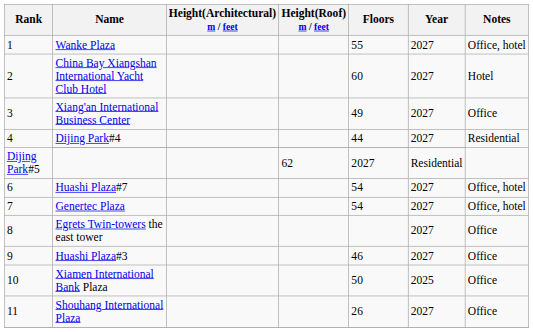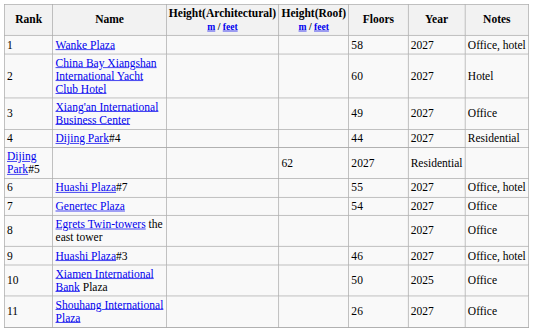 <table Class = "wikitable sortable">
 <tr>
 <th Width = "60px">Rank</th>
 <th Width = "150px">Name</th>
 <th width="75px">Height(Architectural)<br><small><a href='#'>m</a> / <a href='#'>feet</a></small></th>
 <th width="75px">Height(Roof)<br><small><a href='#'>m</a> / <a href='#'>feet</a></small></th>
 <th Width = "75px">Floors</th>
 <th Width = "60px">Year</th>
 <th Class = "unsortable">Notes</th>
 </tr>
 <tr>
 <td>1</td>
 <td><a href='#'>Wanke Plaza</a></td>
 <td></td>
 <td></td>
-<td>55</td>
+<td>58</td>
 <td>2027</td>
 <td>Office, hotel</td>
 </tr>
 <tr>
 <td>2</td>
 <td><a href='#'>China Bay Xiangshan International Yacht Club Hotel</a></td>
 <td></td>
 <td></td>
 <td>60</td>
 <td>2027</td>
 <td>Hotel</td>
 </tr>
 <tr>
 <td>3</td>
 <td><a href='#'>Xiang'an International Business Center</a></td>
 <td></td>
 <td></td>
 <td>49</td>
 <td>2027</td>
 <td>Office</td>
 </tr>
 <tr>
 <td rowspan="2">4</td>
 <td><a href='#'>Dijing Park</a>#4</td>
 <td></td>
 <td></td>
 <td>44</td>
 <td>2027</td>
 <td>Residential</td>
 </tr>
 <tr>
 </tr>
 <tr>
 <td><a href='#'>Dijing Park</a>#5</td>
 <td></td>
 <td></td>
 <td>62</td>
 <td>2027</td>
 <td>Residential</td>
 </tr>
 <tr>
 <td>6</td>
 <td><a href='#'>Huashi Plaza</a>#7</td>
 <td></td>
 <td></td>
-<td>54</td>
+<td>55</td>
 <td>2027</td>
 <td>Office, hotel</td>
 </tr>
 <tr>
 <td>7</td>
 <td><a href='#'>Genertec Plaza</a></td>
 <td></td>
 <td></td>
 <td>54</td>
 <td>2027</td>
-<td>Office, hotel</td>
+<td>Office</td>
 </tr>
 <tr>
 <td>8</td>
 <td><a href='#'>Egrets Twin-towers</a> the east tower</td>
 <td></td>
 <td></td>
 <td></td>
 <td>2027</td>
 <td>Office</td>
 </tr>
 <tr>
 <td>9</td>
 <td><a href='#'>Huashi Plaza</a>#3</td>
 <td></td>
 <td></td>
 <td>46</td>
 <td>2027</td>
-<td>Office</td>
+<td>Office, hotel</td>
 </tr>
 <tr>
 <td>10</td>
 <td><a href='#'>Xiamen International Bank</a> Plaza</td>
 <td></td>
 <td></td>
 <td>50</td>
 <td>2025</td>
 <td>Office</td>
 </tr>
 <tr>
 <td>11</td>
 <td><a href='#'>Shouhang International Plaza</a></td>
 <td></td>
 <td></td>
 <td>26</td>
 <td>2027</td>
 <td>Office</td>
 </tr>
 <tr>
 </tr>
 </table>
